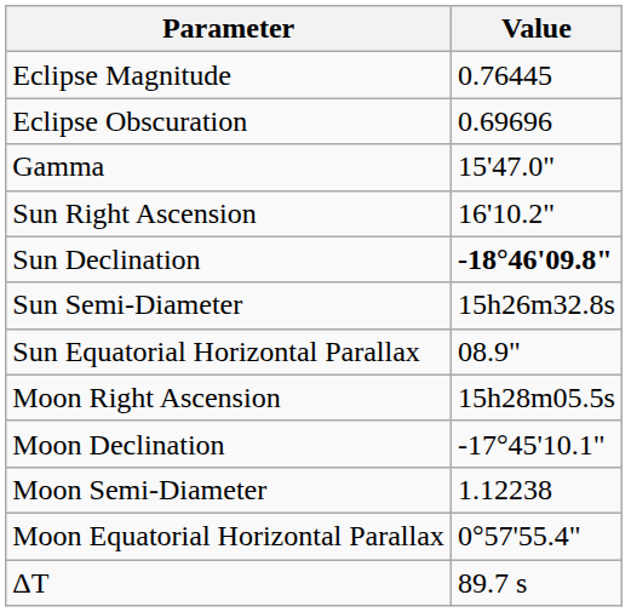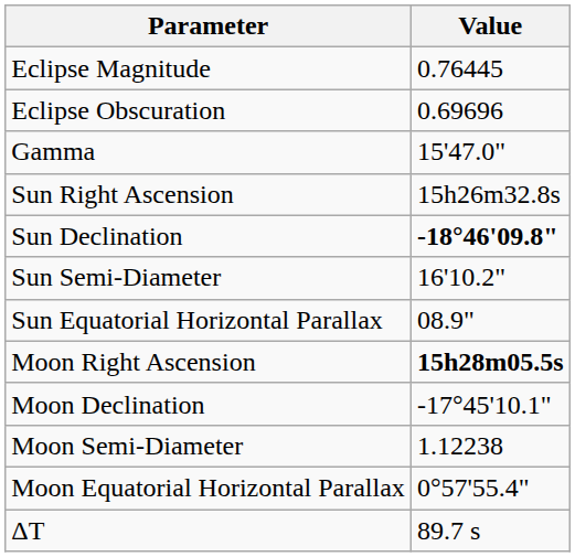 <table class="wikitable">
 <tr>
 <th>Parameter</th>
 <th>Value</th>
 </tr>
 <tr>
 <td>Eclipse Magnitude</td>
 <td>0.76445</td>
 </tr>
 <tr>
 <td>Eclipse Obscuration</td>
 <td>0.69696</td>
 </tr>
 <tr>
 <td>Gamma</td>
 <td>15'47.0"</td>
 </tr>
 <tr>
 <td>Sun Right Ascension</td>
-<td>16'10.2"</td>
+<td>15h26m32.8s</td>
 </tr>
 <tr>
 <td>Sun Declination</td>
 <td><strong>-18°46'09.8"</strong></td>
 </tr>
 <tr>
 <td>Sun Semi-Diameter</td>
-<td>15h26m32.8s</td>
+<td>16'10.2"</td>
 </tr>
 <tr>
 <td>Sun Equatorial Horizontal Parallax</td>
 <td>08.9"</td>
 </tr>
 <tr>
 <td>Moon Right Ascension</td>
-<td>15h28m05.5s</td>
+<td><strong>15h28m05.5s</strong></td>
 </tr>
 <tr>
 <td>Moon Declination</td>
 <td>-17°45'10.1"</td>
 </tr>
 <tr>
 <td>Moon Semi-Diameter</td>
 <td>1.12238</td>
 </tr>
 <tr>
 <td>Moon Equatorial Horizontal Parallax</td>
 <td>0°57'55.4"</td>
 </tr>
 <tr>
 <td>ΔT</td>
 <td>89.7 s</td>
 </tr>
 </table>
